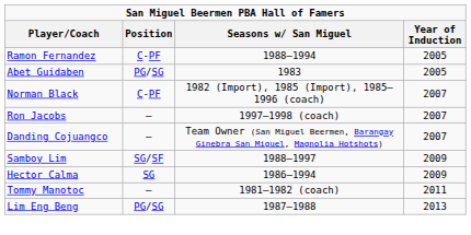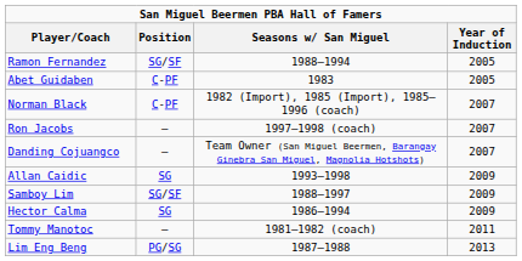 <table class="wikitable sortable" style="text-align:center">
 <tr>
 <td colspan="4"><strong>San Miguel Beermen PBA Hall of Famers</strong></td>
 </tr>
 <tr>
 <th width=200px>Player/Coach</th>
 <th width=40px>Position</th>
 <th width=500px>Seasons w/ San Miguel</th>
 <th width=80px>Year of Induction</th>
 </tr>
 <tr>
 <td style="text-align:Left"> <a href='#'>Ramon Fernandez</a></td>
-<td><a href='#'>C</a>-<a href='#'>PF</a></td>
+<td><a href='#'>SG</a>/<a href='#'>SF</a></td>
 <td>1988–1994</td>
 <td>2005</td>
 </tr>
 <tr>
 <td style="text-align:Left"> <a href='#'>Abet Guidaben</a></td>
-<td><a href='#'>PG</a>/<a href='#'>SG</a></td>
+<td><a href='#'>C</a>-<a href='#'>PF</a></td>
 <td>1983</td>
 <td>2005</td>
 </tr>
 <tr>
 <td style="text-align:Left"> <a href='#'>Norman Black</a></td>
 <td><a href='#'>C</a>-<a href='#'>PF</a></td>
 <td>1982 (Import), 1985 (Import), 1985–1996 (coach)</td>
 <td>2007</td>
 </tr>
 <tr>
 <td style="text-align:Left"> <a href='#'>Ron Jacobs</a></td>
 <td>–</td>
 <td>1997–1998 (coach)</td>
 <td>2007</td>
 </tr>
 <tr>
 <td style="text-align:Left"> <a href='#'>Danding Cojuangco</a></td>
 <td>–</td>
 <td>Team Owner <small>(San Miguel Beermen, <a href='#'>Barangay Ginebra San Miguel</a>, <a href='#'>Magnolia Hotshots</a>)</small></td>
 <td>2007</td>
+</tr>
+<tr>
+<td style="text-align:Left"> <a href='#'>Allan Caidic</a></td>
+<td><a href='#'>SG</a></td>
+<td>1993–1998</td>
+<td>2009</td>
 </tr>
 <tr>
 <td style="text-align:Left"> <a href='#'>Samboy Lim</a></td>
 <td><a href='#'>SG</a>/<a href='#'>SF</a></td>
 <td>1988–1997</td>
 <td>2009</td>
 </tr>
 <tr>
 <td style="text-align:Left"> <a href='#'>Hector Calma</a></td>
 <td><a href='#'>SG</a></td>
 <td>1986–1994</td>
 <td>2009</td>
 </tr>
 <tr>
 <td style="text-align:Left"> <a href='#'>Tommy Manotoc</a></td>
 <td>–</td>
 <td>1981–1982 (coach)</td>
 <td>2011</td>
 </tr>
 <tr>
 <td style="text-align:Left"> <a href='#'>Lim Eng Beng</a></td>
 <td><a href='#'>PG</a>/<a href='#'>SG</a></td>
 <td>1987–1988</td>
 <td>2013</td>
 </tr>
 </table>
